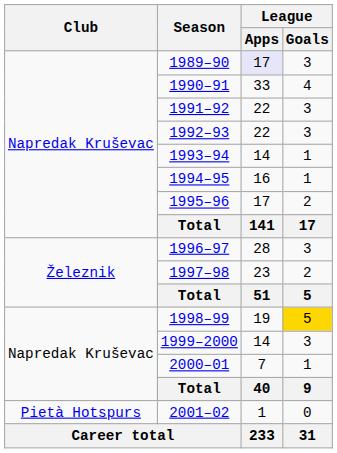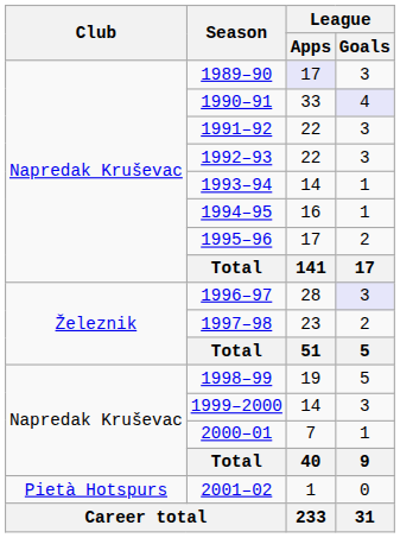 <table class="wikitable" style="text-align:center">
 <tr>
 <th rowspan="2">Club</th>
 <th rowspan="2">Season</th>
 <th colspan="2">League</th>
 </tr>
 <tr>
 <th>Apps</th>
 <th>Goals</th>
 </tr>
 <tr>
 <td rowspan="8"><a href='#'>Napredak Kruševac</a></td>
 <td><a href='#'>1989–90</a></td>
 <td style="background: lavender;">17</td>
 <td>3</td>
 </tr>
 <tr>
 <td><a href='#'>1990–91</a></td>
 <td>33</td>
-<td>4</td>
+<td style="background: lavender;">4</td>
 </tr>
 <tr>
 <td><a href='#'>1991–92</a></td>
 <td>22</td>
 <td>3</td>
 </tr>
 <tr>
 <td><a href='#'>1992–93</a></td>
 <td>22</td>
 <td>3</td>
 </tr>
 <tr>
 <td><a href='#'>1993–94</a></td>
 <td>14</td>
 <td>1</td>
 </tr>
 <tr>
 <td><a href='#'>1994–95</a></td>
 <td>16</td>
 <td>1</td>
 </tr>
 <tr>
 <td><a href='#'>1995–96</a></td>
 <td>17</td>
 <td>2</td>
 </tr>
 <tr>
 <th>Total</th>
 <th>141</th>
 <th>17</th>
 </tr>
 <tr>
 <td rowspan="3"><a href='#'>Železnik</a></td>
 <td><a href='#'>1996–97</a></td>
 <td>28</td>
-<td>3</td>
+<td style="background: lavender;">3</td>
 </tr>
 <tr>
 <td><a href='#'>1997–98</a></td>
 <td>23</td>
 <td>2</td>
 </tr>
 <tr>
 <th>Total</th>
 <th>51</th>
 <th>5</th>
 </tr>
 <tr>
 <td rowspan="4">Napredak Kruševac</td>
 <td><a href='#'>1998–99</a></td>
 <td>19</td>
-<td style="background: gold;">5</td>
+<td>5</td>
 </tr>
 <tr>
 <td><a href='#'>1999–2000</a></td>
 <td>14</td>
 <td>3</td>
 </tr>
 <tr>
 <td><a href='#'>2000–01</a></td>
 <td>7</td>
 <td>1</td>
 </tr>
 <tr>
 <th>Total</th>
 <th>40</th>
 <th>9</th>
 </tr>
 <tr>
 <td><a href='#'>Pietà Hotspurs</a></td>
 <td><a href='#'>2001–02</a></td>
 <td>1</td>
 <td>0</td>
 </tr>
 <tr>
 <th colspan="2">Career total</th>
 <th>233</th>
 <th>31</th>
 </tr>
 </table>
